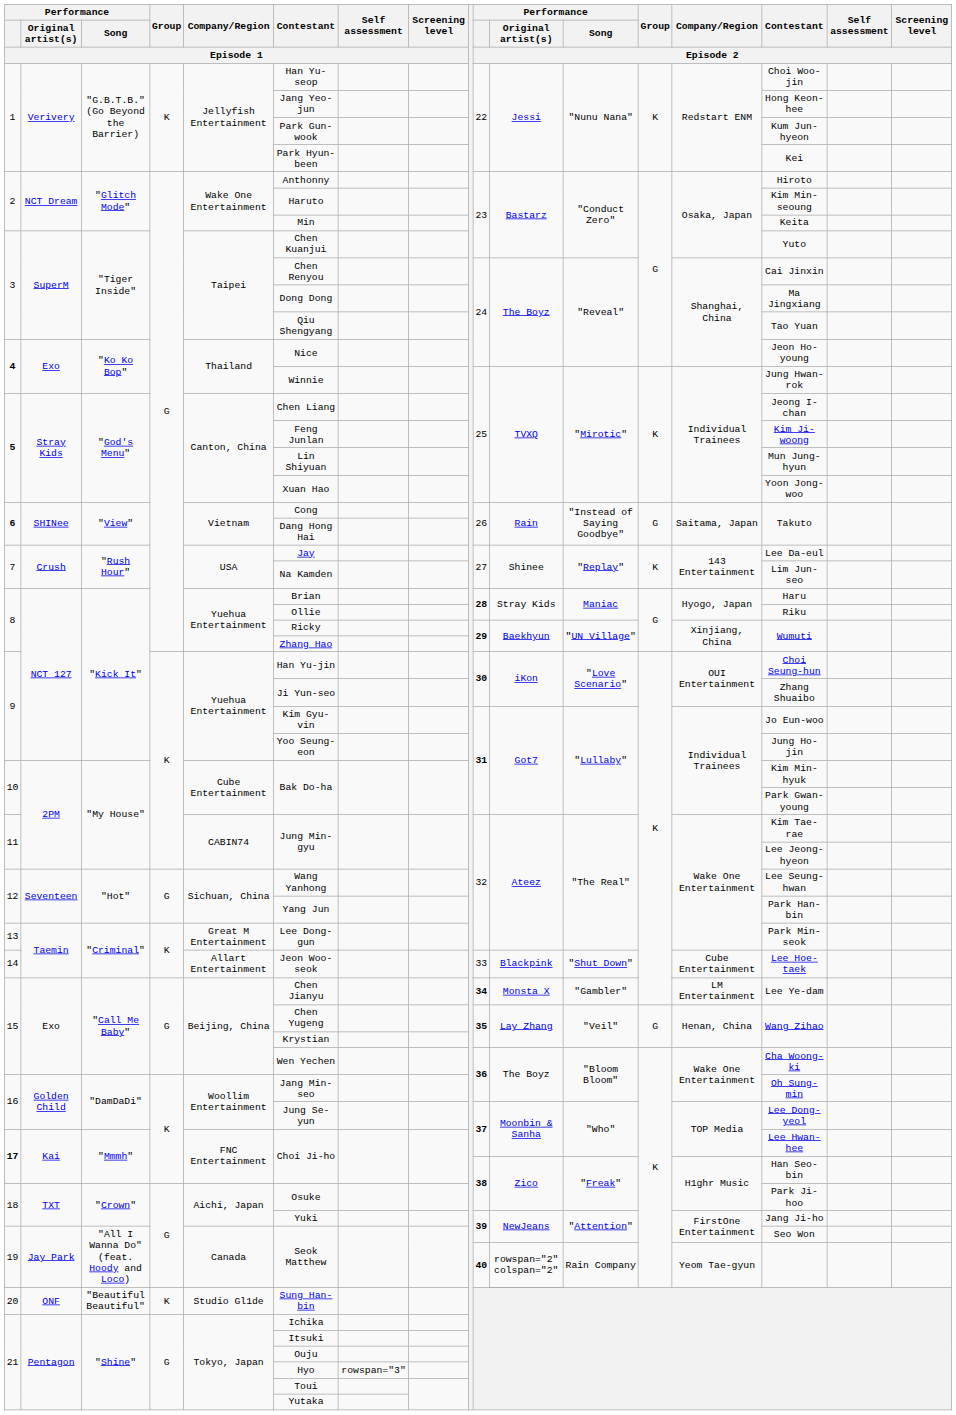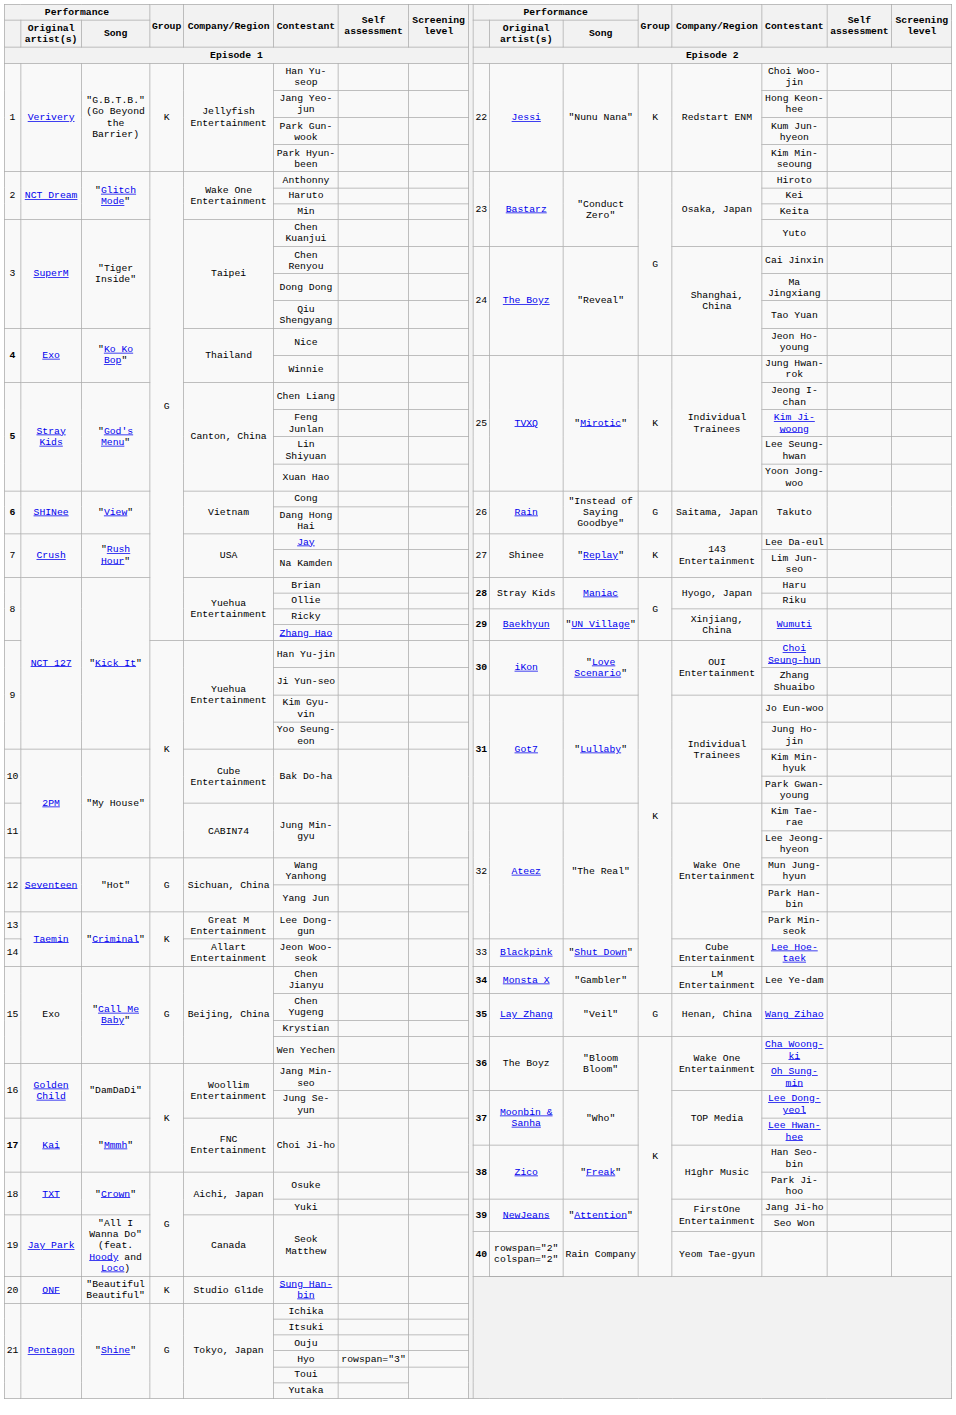 <table class="wikitable collapsible" style="width:100%; text-align:center">
 <tr>
 <th colspan="3">Performance</th>
 <th rowspan="2">Group</th>
 <th rowspan="2">Company/Region</th>
 <th rowspan="2">Contestant</th>
 <th rowspan="2">Self assessment</th>
 <th rowspan="2">Screening level</th>
 <th rowspan="62"></th>
 <th colspan="3">Performance</th>
 <th rowspan="2">Group</th>
 <th rowspan="2">Company/Region</th>
 <th rowspan="2">Contestant</th>
 <th rowspan="2">Self assessment</th>
 <th rowspan="2">Screening level</th>
 </tr>
 <tr>
 <th></th>
 <th>Original artist(s)</th>
 <th>Song</th>
 <th></th>
 <th>Original artist(s)</th>
 <th>Song</th>
 </tr>
 <tr>
 <th colspan="8">Episode 1</th>
 <th colspan="8">Episode 2</th>
 </tr>
 <tr>
 <td rowspan="4">1</td>
 <td rowspan="4"><a href='#'>Verivery</a></td>
 <td rowspan="4">"G.B.T.B."<br>(Go Beyond the Barrier)</td>
 <td rowspan="4">K</td>
 <td rowspan="4">Jellyfish Entertainment</td>
 <td>Han Yu-seop</td>
 <td></td>
 <td></td>
 <td rowspan="4">22</td>
 <td rowspan="4"><a href='#'>Jessi</a></td>
 <td rowspan="4">"Nunu Nana"</td>
 <td rowspan="4">K</td>
 <td rowspan="4">Redstart ENM</td>
 <td>Choi Woo-jin</td>
 <td></td>
 <td></td>
 </tr>
 <tr>
 <td>Jang Yeo-jun</td>
 <td></td>
 <td></td>
 <td>Hong Keon-hee</td>
 <td></td>
 <td></td>
 </tr>
 <tr>
 <td>Park Gun-wook</td>
 <td></td>
 <td></td>
 <td>Kum Jun-hyeon</td>
 <td></td>
 <td></td>
 </tr>
 <tr>
 <td>Park Hyun-been</td>
 <td></td>
 <td></td>
-<td>Kei</td>
+<td>Kim Min-seoung</td>
 <td></td>
 <td></td>
 </tr>
 <tr>
 <td rowspan="3">2</td>
 <td rowspan="3"><a href='#'>NCT Dream</a></td>
 <td rowspan="3">"<a href='#'>Glitch Mode</a>"<br></td>
 <td rowspan="21">G</td>
 <td rowspan="3">Wake One Entertainment</td>
 <td>Anthonny</td>
 <td></td>
 <td></td>
 <td rowspan="4">23</td>
 <td rowspan="4"><a href='#'>Bastarz</a></td>
 <td rowspan="4">"Conduct Zero"<br></td>
 <td rowspan="8">G</td>
 <td rowspan="4">Osaka, Japan</td>
 <td>Hiroto</td>
 <td></td>
 <td></td>
 </tr>
 <tr>
 <td>Haruto</td>
 <td></td>
 <td></td>
-<td>Kim Min-seoung</td>
+<td>Kei</td>
 <td></td>
 <td></td>
 </tr>
 <tr>
 <td>Min</td>
 <td></td>
 <td></td>
 <td>Keita</td>
 <td></td>
 <td></td>
 </tr>
 <tr>
 <td rowspan="4">3</td>
 <td rowspan="4"><a href='#'>SuperM</a></td>
 <td rowspan="4">"Tiger Inside"<br></td>
 <td rowspan="4">Taipei</td>
 <td>Chen Kuanjui</td>
 <td></td>
 <td></td>
 <td>Yuto</td>
 <td></td>
 <td></td>
 </tr>
 <tr>
 <td>Chen Renyou</td>
 <td></td>
 <td></td>
 <td rowspan="4">24</td>
 <td rowspan="4"><a href='#'>The Boyz</a></td>
 <td rowspan="4">"Reveal"</td>
 <td rowspan="4">Shanghai, China</td>
 <td>Cai Jinxin</td>
 <td></td>
 <td></td>
 </tr>
 <tr>
 <td>Dong Dong</td>
 <td></td>
 <td></td>
 <td>Ma Jingxiang</td>
 <td></td>
 <td></td>
 </tr>
 <tr>
 <td>Qiu Shengyang</td>
 <td></td>
 <td></td>
 <td>Tao Yuan</td>
 <td></td>
 <td></td>
 </tr>
 <tr>
 <td rowspan="2"><strong>4</strong></td>
 <td rowspan="2"><a href='#'>Exo</a></td>
 <td rowspan="2">"<a href='#'>Ko Ko Bop</a>"</td>
 <td rowspan="2">Thailand</td>
 <td>Nice</td>
 <td></td>
 <td></td>
 <td>Jeon Ho-young</td>
 <td></td>
 <td></td>
 </tr>
 <tr>
 <td>Winnie</td>
 <td></td>
 <td></td>
 <td rowspan="5">25</td>
 <td rowspan="5"><a href='#'>TVXQ</a></td>
 <td rowspan="5">"<a href='#'>Mirotic</a>"<br></td>
 <td rowspan="5">K</td>
 <td rowspan="5">Individual Trainees</td>
 <td>Jung Hwan-rok</td>
 <td></td>
 <td></td>
 </tr>
 <tr>
 <td rowspan="4"><strong>5</strong></td>
 <td rowspan="4"><a href='#'>Stray Kids</a></td>
 <td rowspan="4">"<a href='#'>God's Menu</a>"<br></td>
 <td rowspan="4">Canton, China</td>
 <td>Chen Liang</td>
 <td></td>
 <td></td>
 <td>Jeong I-chan</td>
 <td></td>
 <td></td>
 </tr>
 <tr>
 <td>Feng Junlan</td>
 <td></td>
 <td></td>
 <td><a href='#'>Kim Ji-woong</a></td>
 <td></td>
 <td></td>
 </tr>
 <tr>
 <td>Lin Shiyuan</td>
 <td></td>
 <td></td>
-<td>Mun Jung-hyun</td>
+<td>Lee Seung-hwan</td>
 <td></td>
 <td></td>
 </tr>
 <tr>
 <td>Xuan Hao</td>
 <td></td>
 <td></td>
 <td>Yoon Jong-woo</td>
 <td></td>
 <td></td>
 </tr>
 <tr>
 <td rowspan="2"><strong>6</strong></td>
 <td rowspan="2"><a href='#'>SHINee</a></td>
 <td rowspan="2">"<a href='#'>View</a>"</td>
 <td rowspan="2">Vietnam</td>
 <td>Cong</td>
 <td></td>
 <td></td>
 <td rowspan="2">26</td>
 <td rowspan="2"><a href='#'>Rain</a></td>
 <td rowspan="2">"Instead of Saying Goodbye"<br></td>
 <td rowspan="2">G</td>
 <td rowspan="2">Saitama, Japan</td>
 <td rowspan="2">Takuto</td>
 <td rowspan="2"></td>
 <td rowspan="2"></td>
 </tr>
 <tr>
 <td>Dang Hong Hai</td>
 <td></td>
 <td></td>
 </tr>
 <tr>
 <td rowspan="2">7</td>
 <td rowspan="2"><a href='#'>Crush</a></td>
 <td rowspan="2">"<a href='#'>Rush Hour</a>"</td>
 <td rowspan="2">USA</td>
 <td><a href='#'>Jay</a></td>
 <td></td>
 <td></td>
 <td rowspan="2">27</td>
 <td rowspan="2">Shinee</td>
 <td rowspan="2">"<a href='#'>Replay</a>"<br></td>
 <td rowspan="2">K</td>
 <td rowspan="2">143 Entertainment</td>
 <td>Lee Da-eul</td>
 <td></td>
 <td></td>
 </tr>
 <tr>
 <td>Na Kamden</td>
 <td></td>
 <td></td>
 <td>Lim Jun-seo</td>
 <td></td>
 <td></td>
 </tr>
 <tr>
 <td rowspan="4">8</td>
 <td rowspan="8"><a href='#'>NCT 127</a></td>
 <td rowspan="8">"<a href='#'>Kick It</a>"<br></td>
 <td rowspan="4">Yuehua Entertainment</td>
 <td>Brian</td>
 <td></td>
 <td></td>
 <td rowspan="2"><strong>28</strong></td>
 <td rowspan="2">Stray Kids</td>
 <td rowspan="2"><a href='#'>Maniac</a></td>
 <td rowspan="4">G</td>
 <td rowspan="2">Hyogo, Japan</td>
 <td>Haru</td>
 <td></td>
 <td></td>
 </tr>
 <tr>
 <td>Ollie</td>
 <td></td>
 <td></td>
 <td>Riku</td>
 <td></td>
 <td></td>
 </tr>
 <tr>
 <td>Ricky</td>
 <td></td>
 <td></td>
 <td rowspan="2"><strong>29</strong></td>
 <td rowspan="2"><a href='#'>Baekhyun</a></td>
 <td rowspan="2">"<a href='#'>UN Village</a>"</td>
 <td rowspan="2">Xinjiang, China</td>
 <td rowspan="2"><a href='#'>Wumuti</a></td>
 <td rowspan="2"></td>
 <td rowspan="2"></td>
 </tr>
 <tr>
 <td><a href='#'>Zhang Hao</a></td>
 <td></td>
 <td></td>
 </tr>
 <tr>
 <td rowspan="4">9</td>
 <td rowspan="8">K</td>
 <td rowspan="4">Yuehua Entertainment</td>
 <td>Han Yu-jin</td>
 <td></td>
 <td></td>
 <td rowspan="2"><strong>30</strong></td>
 <td rowspan="2"><a href='#'>iKon</a></td>
 <td rowspan="2">"<a href='#'>Love Scenario</a>"<br></td>
 <td rowspan="15">K</td>
 <td rowspan="2">OUI Entertainment</td>
 <td><a href='#'>Choi Seung-hun</a></td>
 <td></td>
 <td></td>
 </tr>
 <tr>
 <td>Ji Yun-seo</td>
 <td></td>
 <td></td>
 <td>Zhang Shuaibo</td>
 <td></td>
 <td></td>
 </tr>
 <tr>
 <td>Kim Gyu-vin</td>
 <td></td>
 <td></td>
 <td rowspan="4"><strong>31</strong></td>
 <td rowspan="4"><a href='#'>Got7</a></td>
 <td rowspan="4">"<a href='#'>Lullaby</a>"</td>
 <td rowspan="4">Individual Trainees</td>
 <td>Jo Eun-woo</td>
 <td></td>
 <td></td>
 </tr>
 <tr>
 <td>Yoo Seung-eon</td>
 <td></td>
 <td></td>
 <td>Jung Ho-jin</td>
 <td></td>
 <td></td>
 </tr>
 <tr>
 <td rowspan="2">10</td>
 <td rowspan="4"><a href='#'>2PM</a></td>
 <td rowspan="4">"My House"<br></td>
 <td rowspan="2">Cube Entertainment</td>
 <td rowspan="2">Bak Do-ha</td>
 <td rowspan="2"></td>
 <td rowspan="2"></td>
 <td>Kim Min-hyuk</td>
 <td></td>
 <td></td>
 </tr>
 <tr>
 <td>Park Gwan-young</td>
 <td></td>
 <td></td>
 </tr>
 <tr>
 <td rowspan="2">11</td>
 <td rowspan="2">CABIN74</td>
 <td rowspan="2">Jung Min-gyu</td>
 <td rowspan="2"></td>
 <td rowspan="2"></td>
 <td rowspan="5">32</td>
 <td rowspan="5"><a href='#'>Ateez</a></td>
 <td rowspan="5">"The Real"<br></td>
 <td rowspan="5">Wake One Entertainment</td>
 <td>Kim Tae-rae</td>
 <td></td>
 <td></td>
 </tr>
 <tr>
 <td>Lee Jeong-hyeon</td>
 <td></td>
 <td></td>
 </tr>
 <tr>
 <td rowspan="2">12</td>
 <td rowspan="2"><a href='#'>Seventeen</a></td>
 <td rowspan="2">"Hot"</td>
 <td rowspan="2">G</td>
 <td rowspan="2">Sichuan, China</td>
 <td>Wang Yanhong</td>
 <td></td>
 <td></td>
-<td>Lee Seung-hwan</td>
+<td>Mun Jung-hyun</td>
 <td></td>
 <td></td>
 </tr>
 <tr>
 <td>Yang Jun</td>
 <td></td>
 <td></td>
 <td>Park Han-bin</td>
 <td></td>
 <td></td>
 </tr>
 <tr>
 <td rowspan="2">13</td>
 <td rowspan="4"><a href='#'>Taemin</a></td>
 <td rowspan="4">"<a href='#'>Criminal</a>"</td>
 <td rowspan="4">K</td>
 <td rowspan="2">Great M Entertainment</td>
 <td rowspan="2">Lee Dong-gun</td>
 <td rowspan="2"></td>
 <td rowspan="2"></td>
 <td>Park Min-seok</td>
 <td></td>
 <td></td>
 </tr>
 <tr>
 <td rowspan="2">33</td>
 <td rowspan="2"><a href='#'>Blackpink</a></td>
 <td rowspan="2">"<a href='#'>Shut Down</a>"</td>
 <td rowspan="2">Cube Entertainment</td>
 <td rowspan="2"><a href='#'>Lee Hoe-taek</a></td>
 <td rowspan="2"></td>
 <td rowspan="2"></td>
 </tr>
 <tr>
 <td rowspan="2">14</td>
 <td rowspan="2">Allart Entertainment</td>
 <td rowspan="2">Jeon Woo-seok</td>
 <td rowspan="2"></td>
 <td rowspan="2"></td>
 </tr>
 <tr>
 <td rowspan="2"><strong>34</strong></td>
 <td rowspan="2"><a href='#'>Monsta X</a></td>
 <td rowspan="2">"Gambler"</td>
 <td rowspan="2">LM Entertainment</td>
 <td rowspan="2">Lee Ye-dam</td>
 <td rowspan="2"></td>
 <td rowspan="2"></td>
 </tr>
 <tr>
 <td rowspan="4">15</td>
 <td rowspan="4">Exo</td>
 <td rowspan="4">"<a href='#'>Call Me Baby</a>"</td>
 <td rowspan="4">G</td>
 <td rowspan="4">Beijing, China</td>
 <td>Chen Jianyu</td>
 <td></td>
 <td></td>
 </tr>
 <tr>
 <td>Chen Yugeng</td>
 <td></td>
 <td></td>
 <td rowspan="2"><strong>35</strong></td>
 <td rowspan="2"><a href='#'>Lay Zhang</a></td>
 <td rowspan="2">"Veil"</td>
 <td rowspan="2">G</td>
 <td rowspan="2">Henan, China</td>
 <td rowspan="2"><a href='#'>Wang Zihao</a></td>
 <td rowspan="2"></td>
 <td rowspan="2"></td>
 </tr>
 <tr>
 <td>Krystian</td>
 <td></td>
 <td></td>
 </tr>
 <tr>
 <td>Wen Yechen</td>
 <td></td>
 <td></td>
 <td rowspan="2"><strong>36</strong></td>
 <td rowspan="2">The Boyz</td>
 <td rowspan="2">"Bloom Bloom"</td>
 <td rowspan="10">K</td>
 <td rowspan="2">Wake One Entertainment</td>
 <td><a href='#'>Cha Woong-ki</a></td>
 <td></td>
 <td></td>
 </tr>
 <tr>
 <td rowspan="2">16</td>
 <td rowspan="2"><a href='#'>Golden Child</a></td>
 <td rowspan="2">"DamDaDi"<br></td>
 <td rowspan="4">K</td>
 <td rowspan="2">Woollim Entertainment</td>
 <td>Jang Min-seo</td>
 <td></td>
 <td></td>
 <td><a href='#'>Oh Sung-min</a></td>
 <td></td>
 <td></td>
 </tr>
 <tr>
 <td>Jung Se-yun</td>
 <td></td>
 <td></td>
 <td rowspan="2"><strong>37</strong></td>
 <td rowspan="2"><a href='#'>Moonbin & Sanha</a></td>
 <td rowspan="2">"Who"</td>
 <td rowspan="2">TOP Media</td>
 <td><a href='#'>Lee Dong-yeol</a></td>
 <td></td>
 <td></td>
 </tr>
 <tr>
 <td rowspan="2"><strong>17</strong></td>
 <td rowspan="2"><a href='#'>Kai</a></td>
 <td rowspan="2">"<a href='#'>Mmmh</a>"</td>
 <td rowspan="2">FNC Entertainment</td>
 <td rowspan="2">Choi Ji-ho</td>
 <td rowspan="2"></td>
 <td rowspan="2"></td>
 <td><a href='#'>Lee Hwan-hee</a></td>
 <td></td>
 <td></td>
 </tr>
 <tr>
 <td rowspan="2"><strong>38</strong></td>
 <td rowspan="2"><a href='#'>Zico</a></td>
 <td rowspan="2">"<a href='#'>Freak</a>"<br></td>
 <td rowspan="2">H1ghr Music</td>
 <td>Han Seo-bin</td>
 <td></td>
 <td></td>
 </tr>
 <tr>
 <td rowspan="2">18</td>
 <td rowspan="2"><a href='#'>TXT</a></td>
 <td rowspan="2">"<a href='#'>Crown</a>"<br></td>
 <td rowspan="4">G</td>
 <td rowspan="2">Aichi, Japan</td>
 <td>Osuke</td>
 <td></td>
 <td></td>
 <td>Park Ji-hoo</td>
 <td></td>
 <td></td>
 </tr>
 <tr>
 <td>Yuki</td>
 <td></td>
 <td></td>
 <td rowspan="2"><strong>39</strong></td>
 <td rowspan="2"><a href='#'>NewJeans</a></td>
 <td rowspan="2">"<a href='#'>Attention</a>"</td>
 <td rowspan="2">FirstOne Entertainment</td>
 <td>Jang Ji-ho</td>
 <td></td>
 <td></td>
 </tr>
 <tr>
 <td rowspan="2">19</td>
 <td rowspan="2"><a href='#'>Jay Park</a></td>
 <td rowspan="2">"All I Wanna Do"<br>(feat. <a href='#'>Hoody</a> and <a href='#'>Loco</a>)</td>
 <td rowspan="2">Canada</td>
 <td rowspan="2">Seok Matthew</td>
 <td rowspan="2"></td>
 <td rowspan="2"></td>
 <td>Seo Won</td>
 <td></td>
 <td></td>
 </tr>
 <tr>
 <td rowspan="2"><strong>40</strong></td>
 <td>rowspan="2" colspan="2" </td>
 <td rowspan="2">Rain Company</td>
 <td rowspan="2">Yeom Tae-gyun</td>
 <td rowspan="2"></td>
 <td rowspan="2"></td>
 </tr>
 <tr>
 <td rowspan="2">20</td>
 <td rowspan="2"><a href='#'>ONF</a></td>
 <td rowspan="2">"Beautiful Beautiful"</td>
 <td rowspan="2">K</td>
 <td rowspan="2">Studio Gl1de</td>
 <td rowspan="2"><a href='#'>Sung Han-bin</a></td>
 <td rowspan="2"></td>
 <td rowspan="2"></td>
 </tr>
 <tr>
 <th colspan="8" rowspan="7"></th>
 </tr>
 <tr>
 <td rowspan="6">21</td>
 <td rowspan="6"><a href='#'>Pentagon</a></td>
 <td rowspan="6">"<a href='#'>Shine</a>"<br></td>
 <td rowspan="6">G</td>
 <td rowspan="6">Tokyo, Japan</td>
 <td>Ichika</td>
 <td></td>
 <td></td>
 </tr>
 <tr>
 <td>Itsuki</td>
 <td></td>
 <td></td>
 </tr>
 <tr>
 <td>Ouju</td>
 <td></td>
 <td></td>
 </tr>
 <tr>
 <td>Hyo</td>
 <td>rowspan="3" </td>
 <td></td>
 </tr>
 <tr>
 <td>Toui</td>
 <td></td>
 </tr>
 <tr>
 <td>Yutaka</td>
 <td></td>
 </tr>
 </table>
